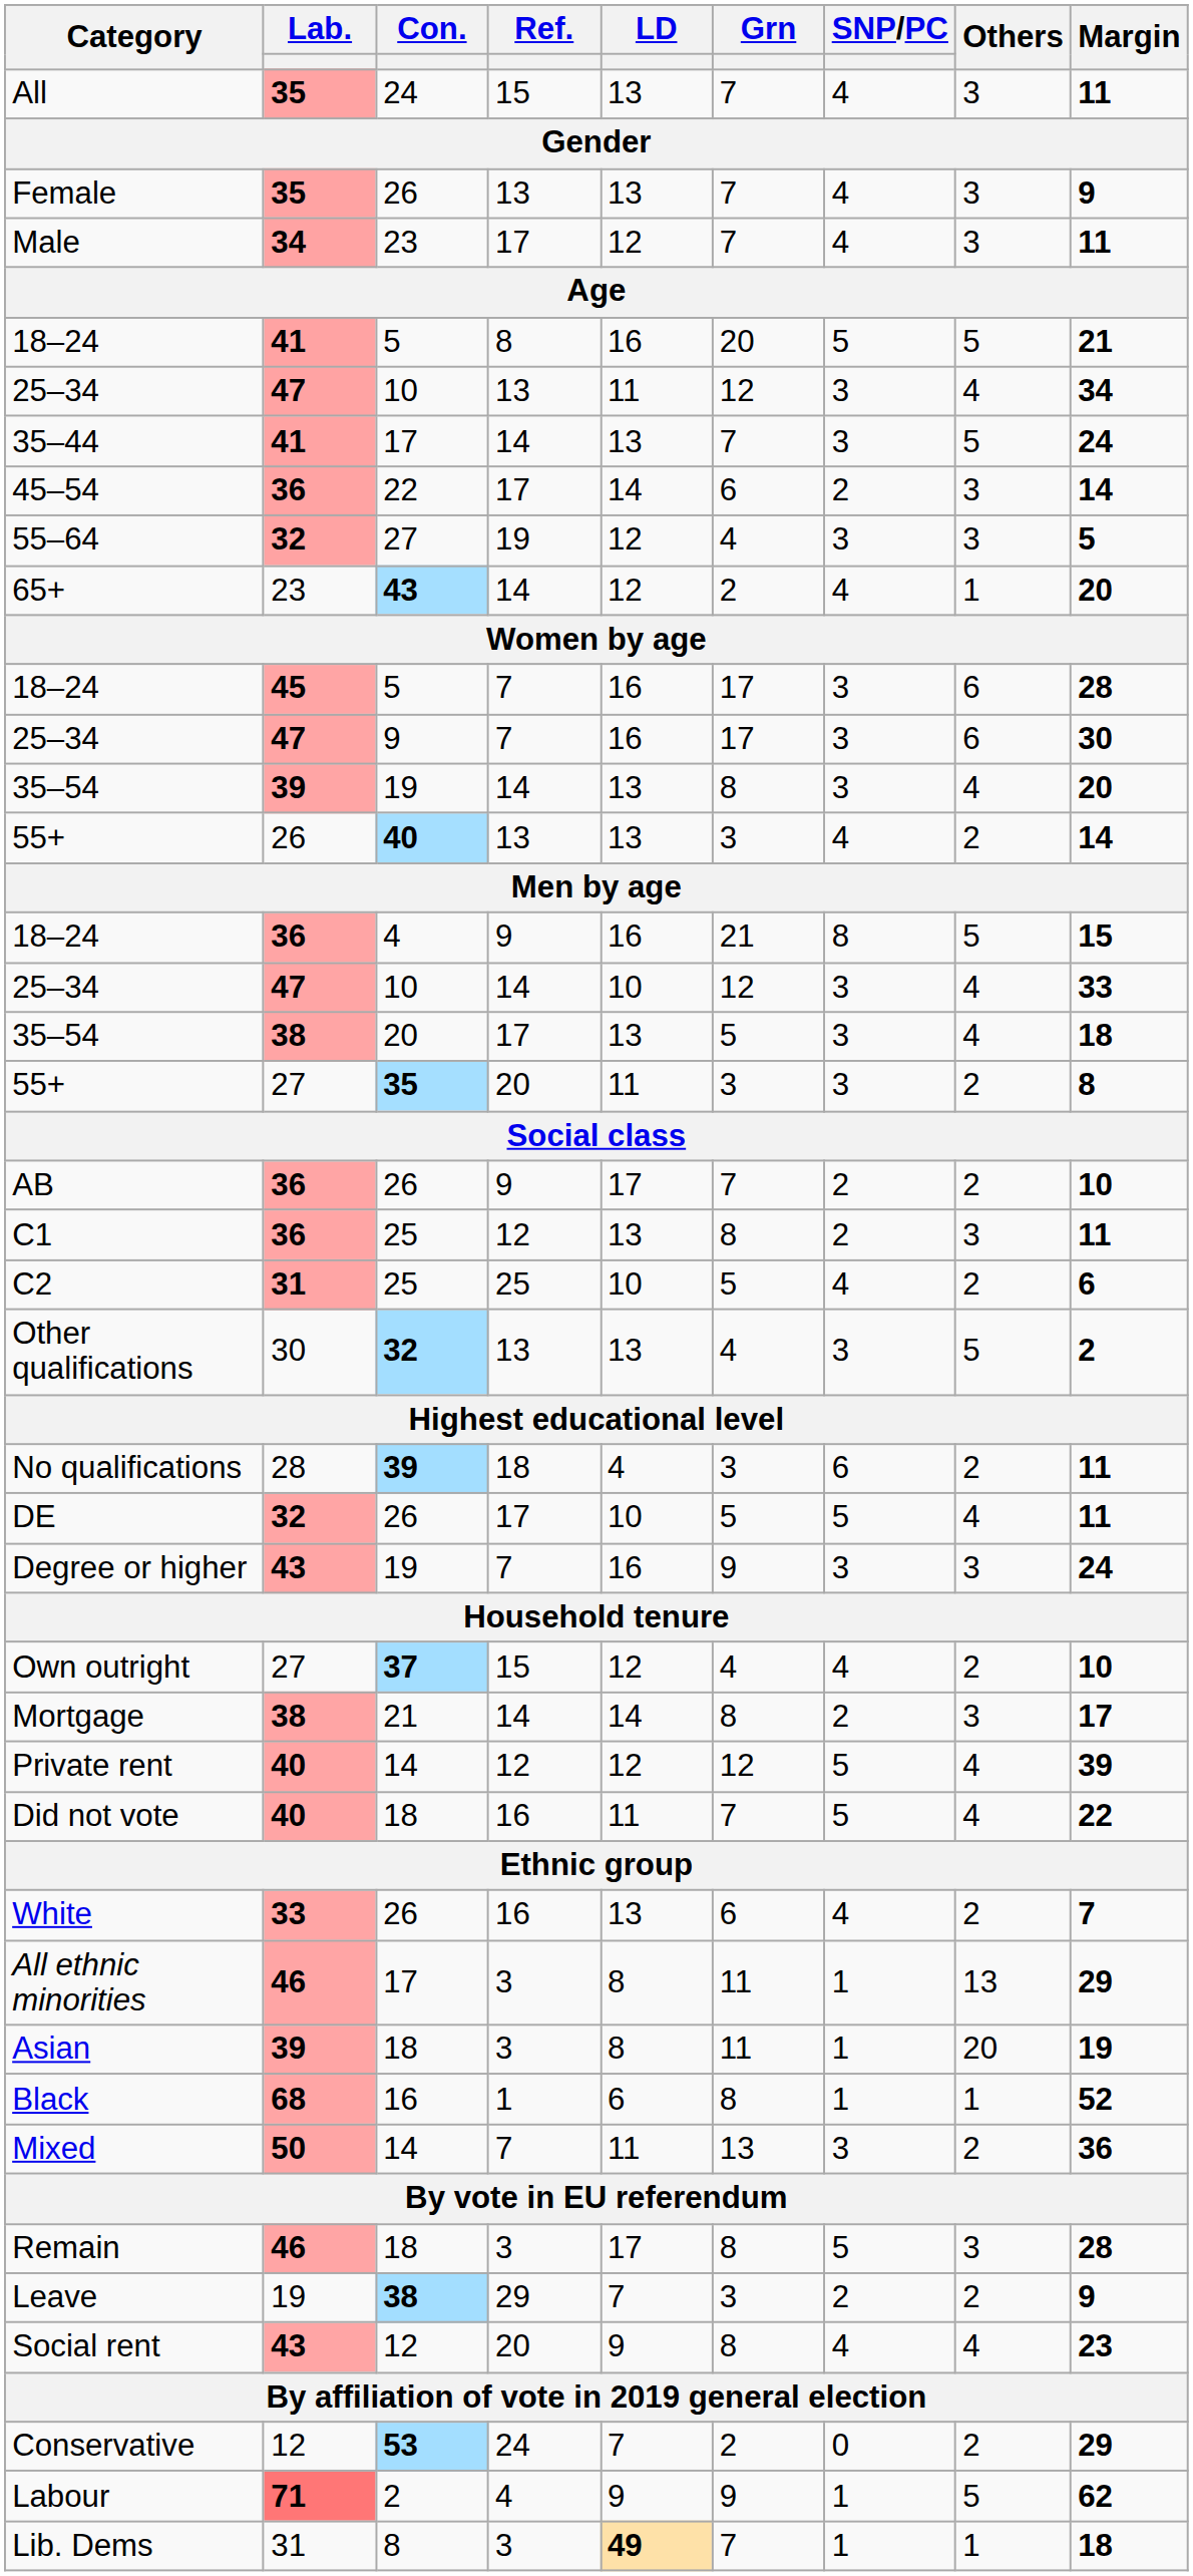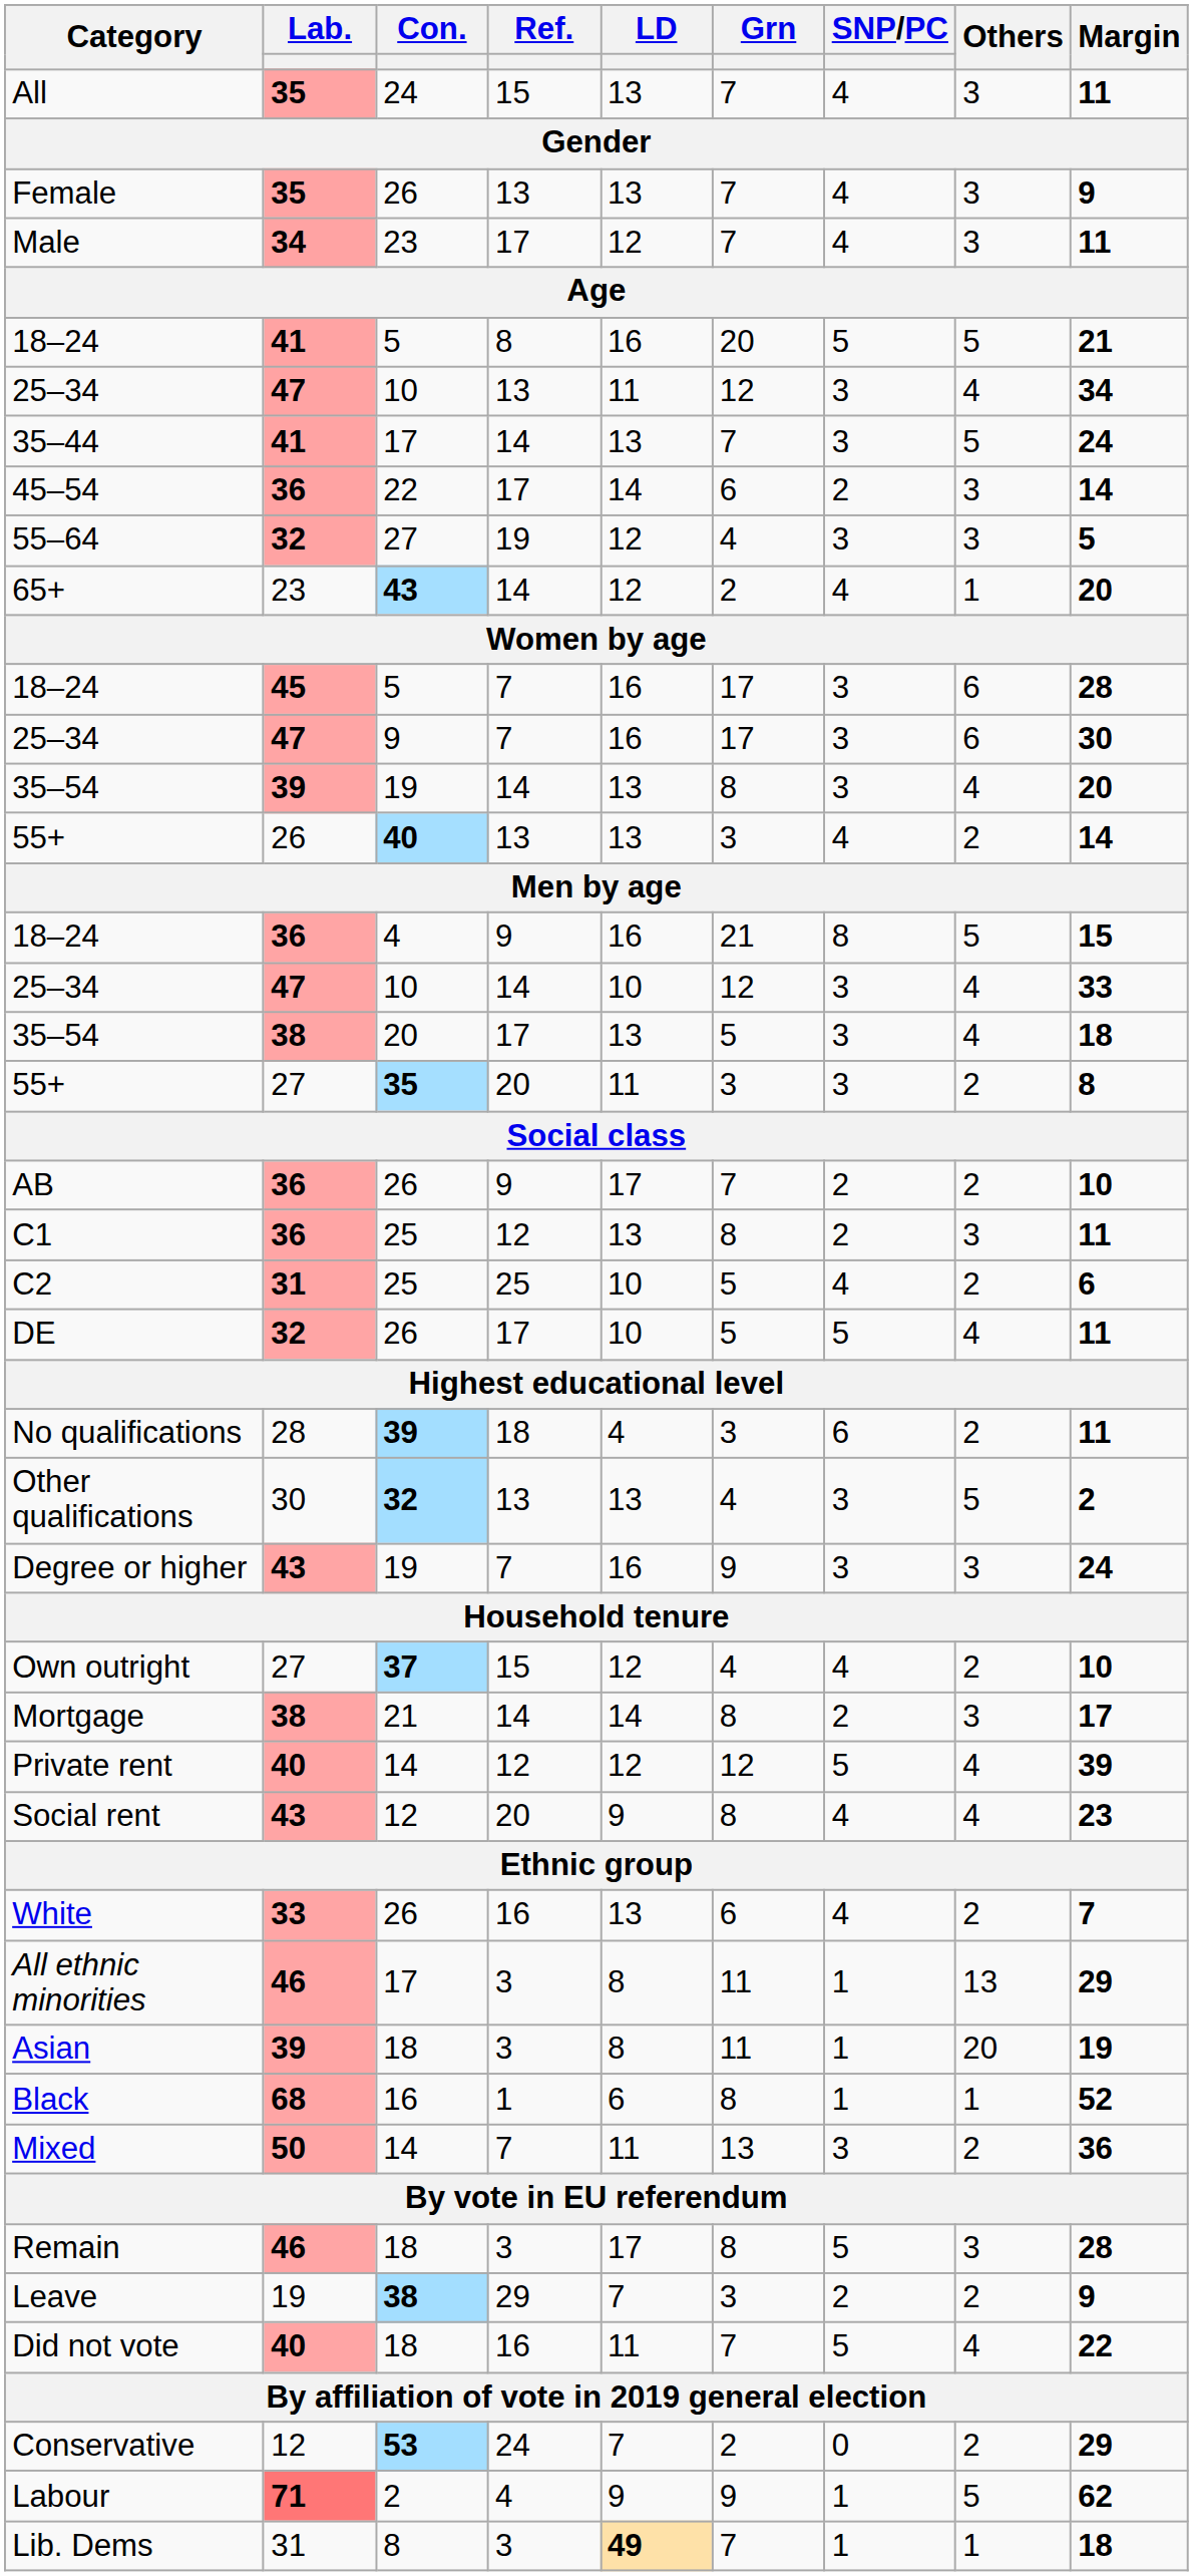 <table class="wikitable defaultright col1left">
 <tr>
 <th scope="col" style="width:125px;" rowspan="2">Category</th>
 <th scope="col" style="width:50px;"><a href='#'>Lab.</a></th>
 <th scope="col" style="width:50px;"><a href='#'>Con.</a></th>
 <th scope="col" style="width:50px;"><a href='#'>Ref.</a></th>
 <th scope="col" style="width:50px;"><a href='#'>LD</a></th>
 <th scope="col" style="width:50px;"><a href='#'>Grn</a></th>
 <th scope="col" style="width:50px;"><a href='#'>SNP</a>/<a href='#'>PC</a></th>
 <th scope="col" style="width:50px;" rowspan="2">Others</th>
 <th scope="col"                     rowspan="2">Margin</th>
 </tr>
 <tr>
 <th scope="col" style="color:inherit; background-color:"></th>
 <th scope="col" style="color:inherit; background-color:"></th>
 <th scope="col" style="color:inherit; background-color:"></th>
 <th scope="col" style="color:inherit; background-color:"></th>
 <th scope="col" style="color:inherit; background-color:"></th>
 <th scope="col" style="color:inherit; background-color:"></th>
 </tr>
 <tr>
 <td>All</td>
 <td style="background:#FFA3A3;"><strong>35</strong></td>
 <td>24</td>
 <td>15</td>
 <td>13</td>
 <td>7</td>
 <td>4</td>
 <td>3</td>
 <td style="background:"><strong>11</strong></td>
 </tr>
 <tr>
 <th colspan="9">Gender</th>
 </tr>
 <tr>
 <td>Female</td>
 <td style="background:#FFA3A3;"><strong>35</strong></td>
 <td>26</td>
 <td>13</td>
 <td>13</td>
 <td>7</td>
 <td>4</td>
 <td>3</td>
 <td style="background:"><strong>9</strong></td>
 </tr>
 <tr>
 <td>Male</td>
 <td style="background:#FFA3A3;"><strong>34</strong></td>
 <td>23</td>
 <td>17</td>
 <td>12</td>
 <td>7</td>
 <td>4</td>
 <td>3</td>
 <td style="background:"><strong>11</strong></td>
 </tr>
 <tr>
 <th colspan="9">Age</th>
 </tr>
 <tr>
 <td>18–24</td>
 <td style="background:#FFA3A3;"><strong>41</strong></td>
 <td>5</td>
 <td>8</td>
 <td>16</td>
 <td>20</td>
 <td>5</td>
 <td>5</td>
 <td style="background:"><strong>21</strong></td>
 </tr>
 <tr>
 <td>25–34</td>
 <td style="background:#FFA3A3;"><strong>47</strong></td>
 <td>10</td>
 <td>13</td>
 <td>11</td>
 <td>12</td>
 <td>3</td>
 <td>4</td>
 <td style="background:"><strong>34</strong></td>
 </tr>
 <tr>
 <td>35–44</td>
 <td style="background:#FFA3A3;"><strong>41</strong></td>
 <td>17</td>
 <td>14</td>
 <td>13</td>
 <td>7</td>
 <td>3</td>
 <td>5</td>
 <td style="background:"><strong>24</strong></td>
 </tr>
 <tr>
 <td>45–54</td>
 <td style="background:#FFA3A3;"><strong>36</strong></td>
 <td>22</td>
 <td>17</td>
 <td>14</td>
 <td>6</td>
 <td>2</td>
 <td>3</td>
 <td style="background:"><strong>14</strong></td>
 </tr>
 <tr>
 <td>55–64</td>
 <td style="background:#FFA3A3;"><strong>32</strong></td>
 <td>27</td>
 <td>19</td>
 <td>12</td>
 <td>4</td>
 <td>3</td>
 <td>3</td>
 <td style="background:"><strong>5</strong></td>
 </tr>
 <tr>
 <td>65+</td>
 <td>23</td>
 <td style="background:#A5DFFF;"><strong>43</strong></td>
 <td>14</td>
 <td>12</td>
 <td>2</td>
 <td>4</td>
 <td>1</td>
 <td style="background:"><strong>20</strong></td>
 </tr>
 <tr>
 <th colspan="9">Women by age</th>
 </tr>
 <tr>
 <td>18–24</td>
 <td style="background:#FFA5A5;"><strong>45</strong></td>
 <td>5</td>
 <td>7</td>
 <td>16</td>
 <td>17</td>
 <td>3</td>
 <td>6</td>
 <td style="background:"><strong>28</strong></td>
 </tr>
 <tr>
 <td>25–34</td>
 <td style="background:#FFA5A5;"><strong>47</strong></td>
 <td>9</td>
 <td>7</td>
 <td>16</td>
 <td>17</td>
 <td>3</td>
 <td>6</td>
 <td style="background:"><strong>30</strong></td>
 </tr>
 <tr>
 <td>35–54</td>
 <td style="background:#FFA5A5;"><strong>39</strong></td>
 <td>19</td>
 <td>14</td>
 <td>13</td>
 <td>8</td>
 <td>3</td>
 <td>4</td>
 <td style="background:"><strong>20</strong></td>
 </tr>
 <tr>
 <td>55+</td>
 <td>26</td>
 <td style="background:#A5DFFF;"><strong>40</strong></td>
 <td>13</td>
 <td>13</td>
 <td>3</td>
 <td>4</td>
 <td>2</td>
 <td style="background:"><strong>14</strong></td>
 </tr>
 <tr>
 <th colspan="9">Men by age</th>
 </tr>
 <tr>
 <td>18–24</td>
 <td style="background:#FFA5A5;"><strong>36</strong></td>
 <td>4</td>
 <td>9</td>
 <td>16</td>
 <td>21</td>
 <td>8</td>
 <td>5</td>
 <td style="background:"><strong>15</strong></td>
 </tr>
 <tr>
 <td>25–34</td>
 <td style="background:#FFA5A5;"><strong>47</strong></td>
 <td>10</td>
 <td>14</td>
 <td>10</td>
 <td>12</td>
 <td>3</td>
 <td>4</td>
 <td style="background:"><strong>33</strong></td>
 </tr>
 <tr>
 <td>35–54</td>
 <td style="background:#FFA5A5;"><strong>38</strong></td>
 <td>20</td>
 <td>17</td>
 <td>13</td>
 <td>5</td>
 <td>3</td>
 <td>4</td>
 <td style="background:"><strong>18</strong></td>
 </tr>
 <tr>
 <td>55+</td>
 <td>27</td>
 <td style="background:#A5DFFF;"><strong>35</strong></td>
 <td>20</td>
 <td>11</td>
 <td>3</td>
 <td>3</td>
 <td>2</td>
 <td style="background:"><strong>8</strong></td>
 </tr>
 <tr>
 <th colspan="9"><a href='#'>Social class</a></th>
 </tr>
 <tr>
 <td>AB</td>
 <td style="background:#FFA5A5;"><strong>36</strong></td>
 <td>26</td>
 <td>9</td>
 <td>17</td>
 <td>7</td>
 <td>2</td>
 <td>2</td>
 <td style="background:"><strong>10</strong></td>
 </tr>
 <tr>
 <td>C1</td>
 <td style="background:#FFA5A5;"><strong>36</strong></td>
 <td>25</td>
 <td>12</td>
 <td>13</td>
 <td>8</td>
 <td>2</td>
 <td>3</td>
 <td style="background:"><strong>11</strong></td>
 </tr>
 <tr>
 <td>C2</td>
 <td style="background:#FFA5A5;"><strong>31</strong></td>
 <td>25</td>
 <td>25</td>
 <td>10</td>
 <td>5</td>
 <td>4</td>
 <td>2</td>
 <td style="background:"><strong>6</strong></td>
 </tr>
 <tr>
-<td>Other qualifications</td>
-<td>30</td>
-<td style="background:#A3DEFF;"><strong>32</strong></td>
-<td>13</td>
-<td>13</td>
+<td>DE</td>
+<td style="background:#FFA5A5;"><strong>32</strong></td>
+<td>26</td>
+<td>17</td>
+<td>10</td>
+<td>5</td>
+<td>5</td>
 <td>4</td>
-<td>3</td>
-<td>5</td>
-<td style="background:"><strong>2</strong></td>
+<td style="background:"><strong>11</strong></td>
 </tr>
 <tr>
 <th colspan="9">Highest educational level</th>
 </tr>
 <tr>
 <td>No qualifications</td>
 <td>28</td>
 <td style="background:#A3DEFF;"><strong>39</strong></td>
 <td>18</td>
 <td>4</td>
 <td>3</td>
 <td>6</td>
 <td>2</td>
 <td style="background:"><strong>11</strong></td>
 </tr>
 <tr>
-<td>DE</td>
-<td style="background:#FFA5A5;"><strong>32</strong></td>
-<td>26</td>
-<td>17</td>
-<td>10</td>
+<td>Other qualifications</td>
+<td>30</td>
+<td style="background:#A3DEFF;"><strong>32</strong></td>
+<td>13</td>
+<td>13</td>
+<td>4</td>
+<td>3</td>
 <td>5</td>
-<td>5</td>
-<td>4</td>
-<td style="background:"><strong>11</strong></td>
+<td style="background:"><strong>2</strong></td>
 </tr>
 <tr>
 <td>Degree or higher</td>
 <td style="background:#FFA5A5;"><strong>43</strong></td>
 <td>19</td>
 <td>7</td>
 <td>16</td>
 <td>9</td>
 <td>3</td>
 <td>3</td>
 <td style="background:"><strong>24</strong></td>
 </tr>
 <tr>
 <th colspan="9">Household tenure</th>
 </tr>
 <tr>
 <td>Own outright</td>
 <td>27</td>
 <td style="background:#A3DEFF;"><strong>37</strong></td>
 <td>15</td>
 <td>12</td>
 <td>4</td>
 <td>4</td>
 <td>2</td>
 <td style="background:"><strong>10</strong></td>
 </tr>
 <tr>
 <td>Mortgage</td>
 <td style="background:#FFA5A5;"><strong>38</strong></td>
 <td>21</td>
 <td>14</td>
 <td>14</td>
 <td>8</td>
 <td>2</td>
 <td>3</td>
 <td style="background:"><strong>17</strong></td>
 </tr>
 <tr>
 <td>Private rent</td>
 <td style="background:#FFA5A5;"><strong>40</strong></td>
 <td>14</td>
 <td>12</td>
 <td>12</td>
 <td>12</td>
 <td>5</td>
 <td>4</td>
 <td style="background:"><strong>39</strong></td>
 </tr>
 <tr>
-<td>Did not vote</td>
-<td style="background:#FFA5A5;"><strong>40</strong></td>
-<td>18</td>
-<td>16</td>
-<td>11</td>
-<td>7</td>
-<td>5</td>
+<td>Social rent</td>
+<td style="background:#FFA5A5;"><strong>43</strong></td>
+<td>12</td>
+<td>20</td>
+<td>9</td>
+<td>8</td>
 <td>4</td>
-<td style="background:"><strong>22</strong></td>
+<td>4</td>
+<td style="background:"><strong>23</strong></td>
 </tr>
 <tr>
 <th colspan="9">Ethnic group</th>
 </tr>
 <tr>
 <td><a href='#'>White</a></td>
 <td style="background:#FFA5A5;"><strong>33</strong></td>
 <td>26</td>
 <td>16</td>
 <td>13</td>
 <td>6</td>
 <td>4</td>
 <td>2</td>
 <td style="background:"><strong>7</strong></td>
 </tr>
 <tr>
 <td><em>All ethnic minorities</em></td>
 <td style="background:#FFA5A5;"><strong>46</strong></td>
 <td>17</td>
 <td>3</td>
 <td>8</td>
 <td>11</td>
 <td>1</td>
 <td>13</td>
 <td style="background:"><strong>29</strong></td>
 </tr>
 <tr>
 <td><a href='#'>Asian</a></td>
 <td style="background:#FFA5A5;"><strong>39</strong></td>
 <td>18</td>
 <td>3</td>
 <td>8</td>
 <td>11</td>
 <td>1</td>
 <td>20</td>
 <td style="background:"><strong>19</strong></td>
 </tr>
 <tr>
 <td><a href='#'>Black</a></td>
 <td style="background:#FFA5A5;"><strong>68</strong></td>
 <td>16</td>
 <td>1</td>
 <td>6</td>
 <td>8</td>
 <td>1</td>
 <td>1</td>
 <td style="background:"><strong>52</strong></td>
 </tr>
 <tr>
 <td><a href='#'>Mixed</a></td>
 <td style="background:#FFA5A5;"><strong>50</strong></td>
 <td>14</td>
 <td>7</td>
 <td>11</td>
 <td>13</td>
 <td>3</td>
 <td>2</td>
 <td style="background:"><strong>36</strong></td>
 </tr>
 <tr>
 <th colspan="9">By vote in EU referendum</th>
 </tr>
 <tr>
 <td>Remain</td>
 <td style="background:#FFA5A5;"><strong>46</strong></td>
 <td>18</td>
 <td>3</td>
 <td>17</td>
 <td>8</td>
 <td>5</td>
 <td>3</td>
 <td style="background:"><strong>28</strong></td>
 </tr>
 <tr>
 <td>Leave</td>
 <td>19</td>
 <td style="background:#A3DEFF;"><strong>38</strong></td>
 <td>29</td>
 <td>7</td>
 <td>3</td>
 <td>2</td>
 <td>2</td>
 <td style="background:"><strong>9</strong></td>
 </tr>
 <tr>
-<td>Social rent</td>
-<td style="background:#FFA5A5;"><strong>43</strong></td>
-<td>12</td>
-<td>20</td>
-<td>9</td>
-<td>8</td>
+<td>Did not vote</td>
+<td style="background:#FFA5A5;"><strong>40</strong></td>
+<td>18</td>
+<td>16</td>
+<td>11</td>
+<td>7</td>
+<td>5</td>
 <td>4</td>
-<td>4</td>
-<td style="background:"><strong>23</strong></td>
+<td style="background:"><strong>22</strong></td>
 </tr>
 <tr>
 <th colspan="9">By affiliation of vote in 2019 general election</th>
 </tr>
 <tr>
 <td>Conservative</td>
 <td>12</td>
 <td style="background:#A3DEFF;"><strong>53</strong></td>
 <td>24</td>
 <td>7</td>
 <td>2</td>
 <td>0</td>
 <td>2</td>
 <td style="background:"><strong>29</strong></td>
 </tr>
 <tr>
 <td>Labour</td>
 <td style="background:#FF7676;"><strong>71</strong></td>
 <td>2</td>
 <td>4</td>
 <td>9</td>
 <td>9</td>
 <td>1</td>
 <td>5</td>
 <td style="background:"><strong>62</strong></td>
 </tr>
 <tr>
 <td>Lib. Dems</td>
 <td>31</td>
 <td>8</td>
 <td>3</td>
 <td style="background:#FEE1A8;"><strong>49</strong></td>
 <td>7</td>
 <td>1</td>
 <td>1</td>
 <td style="background:"><strong>18</strong></td>
 </tr>
 </table>
